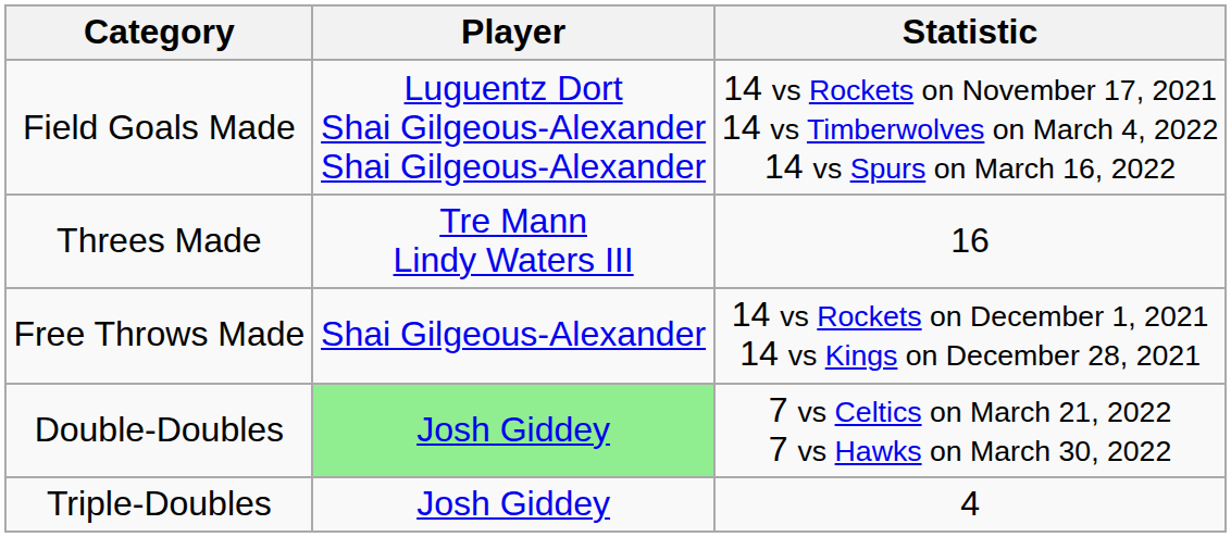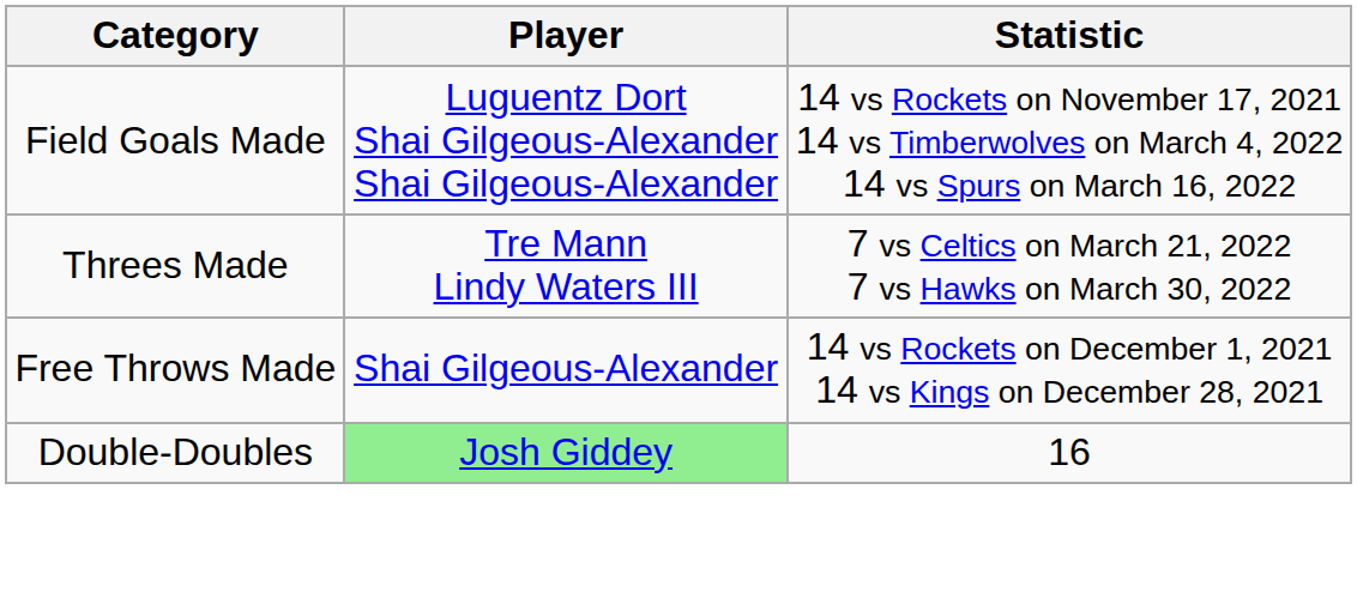 <table class="wikitable sortable sortable" style="text-align: center">
 <tr>
 <th>Category</th>
 <th>Player</th>
 <th>Statistic</th>
 </tr>
 <tr style="text-align: center">
 <td>Field Goals Made</td>
 <td><a href='#'>Luguentz Dort</a><br><a href='#'>Shai Gilgeous-Alexander</a><br><a href='#'>Shai Gilgeous-Alexander</a></td>
 <td>14 <small>vs <a href='#'>Rockets</a> on November 17, 2021</small><br>14 <small>vs <a href='#'>Timberwolves</a> on March 4, 2022</small><br>14 <small>vs <a href='#'>Spurs</a> on March 16, 2022</small></td>
 </tr>
 <tr style="text-align: center">
 <td>Threes Made</td>
 <td><a href='#'>Tre Mann</a><br><a href='#'>Lindy Waters III</a></td>
-<td>16</td>
+<td>7 <small>vs <a href='#'>Celtics</a> on March 21, 2022</small><br>7 <small>vs <a href='#'>Hawks</a> on March 30, 2022</small></td>
 </tr>
 <tr style="text-align: center">
 <td>Free Throws Made</td>
 <td><a href='#'>Shai Gilgeous-Alexander</a></td>
 <td>14 <small>vs <a href='#'>Rockets</a> on December 1, 2021</small><br>14 <small>vs <a href='#'>Kings</a> on December 28, 2021</small></td>
 </tr>
 <tr style="text-align: center">
 <td>Double-Doubles</td>
 <td style="background: lightgreen;"><a href='#'>Josh Giddey</a></td>
-<td>7 <small>vs <a href='#'>Celtics</a> on March 21, 2022</small><br>7 <small>vs <a href='#'>Hawks</a> on March 30, 2022</small></td>
-</tr>
-<tr style="text-align: center">
-<td>Triple-Doubles</td>
-<td><a href='#'>Josh Giddey</a></td>
-<td>4</td>
+<td>16</td>
 </tr>
 </table>
